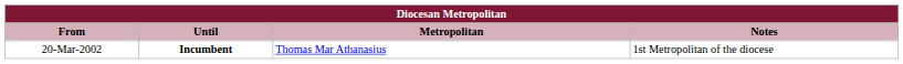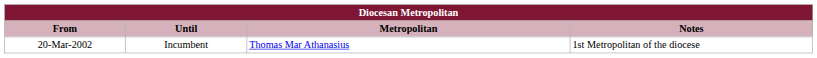 <table class="wikitable" style="width: 100%;">
 <tr>
 <th colspan="4" style="background-color: #7F1734; color: white;">Diocesan Metropolitan</th>
 </tr>
 <tr>
 <th style="background-color: #D4B1BB; width: 15%;">From</th>
 <th style="background-color: #D4B1BB; width: 15%;">Until</th>
 <th style="background-color: #D4B1BB; width: 40%;">Metropolitan</th>
 <th style="background-color: #D4B1BB; width: 40%;">Notes</th>
 </tr>
 <tr valign="top" style="background-color: white;">
 <td style="text-align: center;">20-Mar-2002</td>
-<td style="text-align: center;"><strong>Incumbent</strong></td>
+<td style="text-align: center;">Incumbent</td>
 <td><a href='#'>Thomas Mar Athanasius</a></td>
 <td>1st Metropolitan of  the diocese</td>
 </tr>
 </table>
